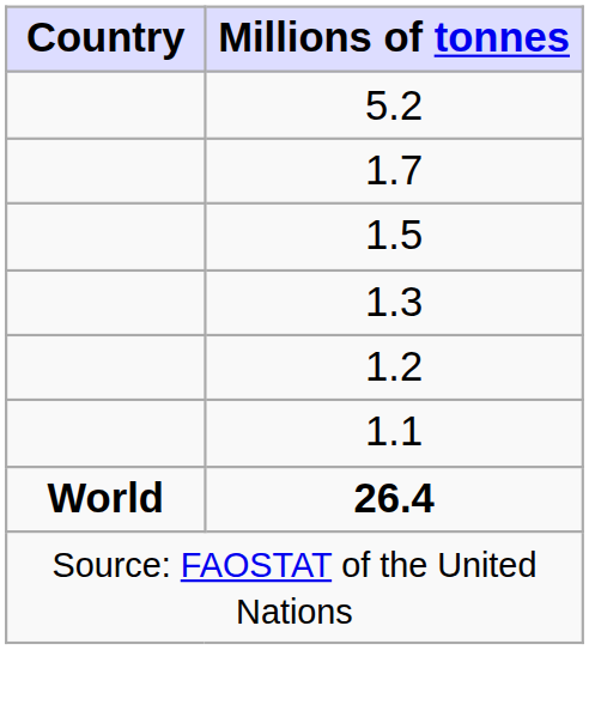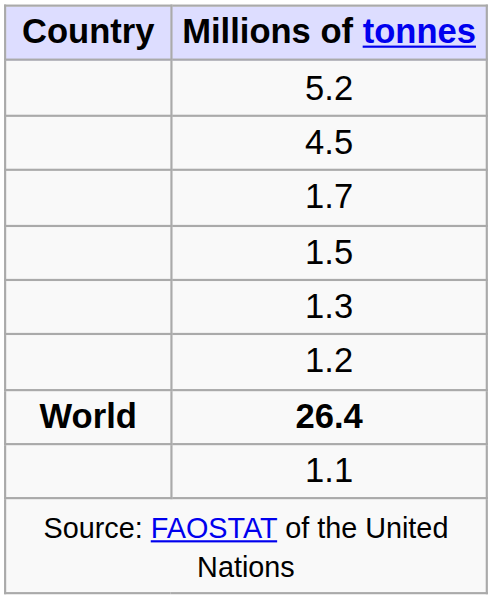 <table class="wikitable" style="float:right; clear:right; width:14em; text-align:center; margin-right:1em;">
 <tr>
 <th style="background:#ddf;">Country</th>
 <th style="background:#ddf;">Millions of <a href='#'>tonnes</a></th>
 </tr>
 <tr>
 <td></td>
 <td>5.2</td>
+</tr>
+<tr>
+<td></td>
+<td>4.5</td>
 </tr>
 <tr>
 <td></td>
 <td>1.7</td>
 </tr>
 <tr>
 <td></td>
 <td>1.5</td>
 </tr>
 <tr>
 <td></td>
 <td>1.3</td>
 </tr>
 <tr>
 <td></td>
 <td>1.2</td>
 </tr>
 <tr>
+<td><strong>World</strong></td>
+<td><strong>26.4</strong></td>
+</tr>
+<tr>
 <td></td>
 <td>1.1</td>
-</tr>
-<tr>
-<td><strong>World</strong></td>
-<td><strong>26.4</strong></td>
 </tr>
 <tr>
 <td colspan=2><small>Source: <a href='#'>FAOSTAT</a> of the United Nations</small></td>
 </tr>
 </table>
